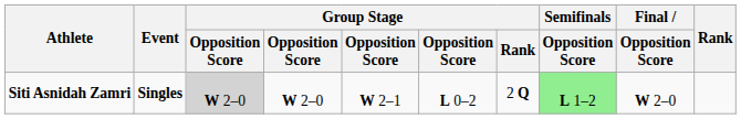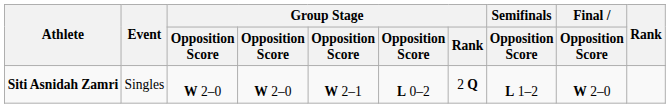 <table class="wikitable" style="font-size: 90%">
 <tr>
 <th rowspan="2">Athlete</th>
 <th rowspan="2">Event</th>
 <th colspan="5">Group Stage</th>
 <th>Semifinals</th>
 <th>Final / </th>
 <th rowspan="2">Rank</th>
 </tr>
 <tr>
 <th>Opposition<br>Score</th>
 <th>Opposition<br>Score</th>
 <th>Opposition<br>Score</th>
 <th>Opposition<br>Score</th>
 <th>Rank</th>
 <th>Opposition<br>Score</th>
 <th>Opposition<br>Score</th>
 </tr>
 <tr align="center">
 <td align="left"><strong>Siti Asnidah Zamri</strong></td>
-<td><strong>Singles</strong></td>
-<td style="background: lightgrey;"><br> <strong>W</strong> 2–0</td>
+<td>Singles</td>
+<td><br> <strong>W</strong> 2–0</td>
 <td><br> <strong>W</strong> 2–0</td>
 <td><br> <strong>W</strong> 2–1</td>
 <td><br> <strong>L</strong> 0–2</td>
 <td>2 <strong>Q</strong></td>
-<td style="background: lightgreen;"><br> <strong>L</strong> 1–2</td>
+<td><br> <strong>L</strong> 1–2</td>
 <td><br> <strong>W</strong> 2–0</td>
 <td></td>
 </tr>
 </table>
